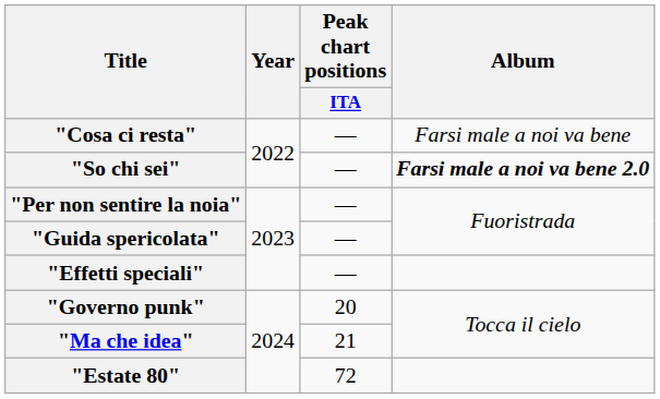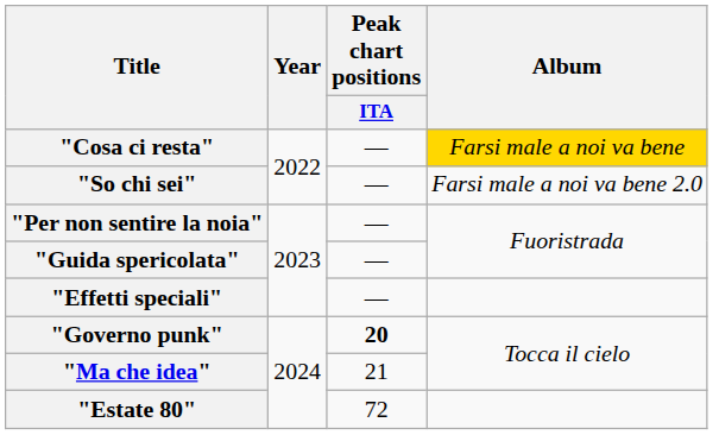 <table class="wikitable plainrowheaders" style="text-align:center;">
 <tr>
 <th scope="col" rowspan="2">Title</th>
 <th scope="col" rowspan="2">Year</th>
 <th scope="col">Peak chart positions</th>
 <th scope="col" rowspan="2">Album</th>
 </tr>
 <tr>
 <th scope="col" style="width:3em;font-size:85%;"><a href='#'>ITA</a><br></th>
 </tr>
 <tr>
 <th scope="row">"Cosa ci resta"</th>
 <td rowspan="2">2022</td>
 <td>—</td>
-<td><em>Farsi male a noi va bene</em></td>
+<td style="background: gold;"><em>Farsi male a noi va bene</em></td>
 </tr>
 <tr>
 <th scope="row">"So chi sei"</th>
 <td>—</td>
-<td><strong><em>Farsi male a noi va bene 2.0</em></strong></td>
+<td><em>Farsi male a noi va bene 2.0</em></td>
 </tr>
 <tr>
 <th scope="row">"Per non sentire la noia"<br></th>
 <td rowspan="3">2023</td>
 <td>—</td>
 <td rowspan="2"><em>Fuoristrada</em></td>
 </tr>
 <tr>
 <th scope="row">"Guida spericolata"</th>
 <td>—</td>
 </tr>
 <tr>
 <th scope="row">"Effetti speciali"</th>
 <td>—</td>
 <td></td>
 </tr>
 <tr>
 <th scope="row">"Governo punk"</th>
 <td rowspan="3">2024</td>
-<td>20</td>
+<td><strong>20</strong></td>
 <td rowspan="2"><em>Tocca il cielo</em></td>
 </tr>
 <tr>
 <th scope="row">"<a href='#'>Ma che idea</a>"<br></th>
 <td>21</td>
 </tr>
 <tr>
 <th scope="row">"Estate 80"</th>
 <td>72<br></td>
 <td></td>
 </tr>
 </table>
